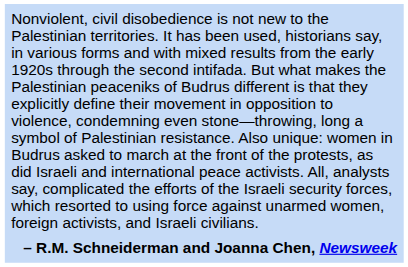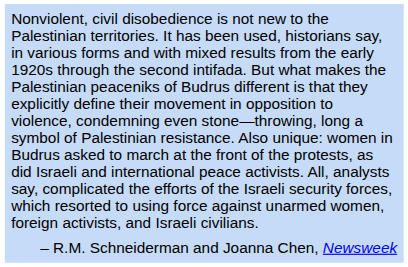 <table class="toccolours" style="float: left; margin-left: 1em; margin-right: 2em; font-size: 85%; background:#c6dbf7; color:black; width:30em; max-width: 40%;" cellspacing="5">
 <tr>
 <td style="text-align: left;">Nonviolent, civil disobedience is not new to the Palestinian territories. It has been used, historians say, in various forms and with mixed results from the early 1920s through the second intifada. But what makes the Palestinian peaceniks of Budrus different is that they explicitly define their movement in opposition to violence, condemning even stone—throwing, long a symbol of Palestinian resistance. Also unique: women in Budrus asked to march at the front of the protests, as did Israeli and international peace activists. All, analysts say, complicated the efforts of the Israeli security forces, which resorted to using force against unarmed women, foreign activists, and Israeli civilians.</td>
 </tr>
 <tr>
-<td style="text-align: Right;"><strong>– R.M. Schneiderman and Joanna Chen, <em><a href='#'>Newsweek</a></em></strong></td>
+<td style="text-align: Right;">– R.M. Schneiderman and Joanna Chen, <em><a href='#'>Newsweek</a></em></td>
 </tr>
 </table>
